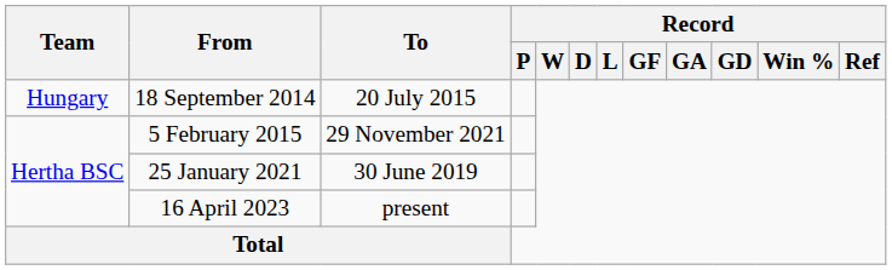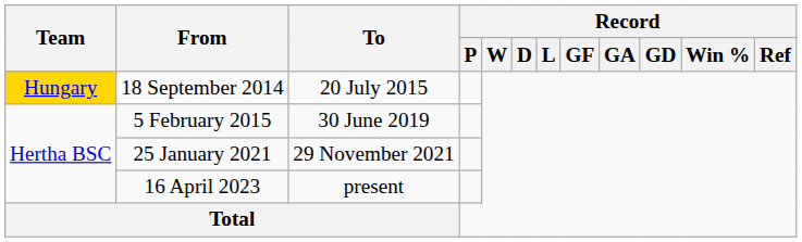 <table class="wikitable" style="text-align: center">
 <tr>
 <th rowspan="2">Team</th>
 <th rowspan="2">From</th>
 <th rowspan="2">To</th>
 <th colspan="9">Record</th>
 </tr>
 <tr>
 <th>P</th>
 <th>W</th>
 <th>D</th>
 <th>L</th>
 <th>GF</th>
 <th>GA</th>
 <th>GD</th>
 <th>Win %</th>
 <th>Ref</th>
 </tr>
 <tr>
-<td><a href='#'>Hungary</a></td>
+<td style="background: gold;"><a href='#'>Hungary</a></td>
 <td>18 September 2014</td>
 <td>20 July 2015<br></td>
 <td></td>
 </tr>
 <tr>
 <td rowspan="3"><a href='#'>Hertha BSC</a></td>
 <td>5 February 2015</td>
-<td>29 November 2021<br></td>
+<td>30 June 2019<br></td>
 <td></td>
 </tr>
 <tr>
 <td>25 January 2021</td>
-<td>30 June 2019<br></td>
+<td>29 November 2021<br></td>
 <td></td>
 </tr>
 <tr>
 <td>16 April 2023</td>
 <td>present<br></td>
 <td></td>
 </tr>
 <tr>
 <th colspan="3">Total<br></th>
 </tr>
 </table>
